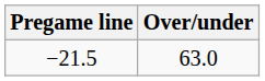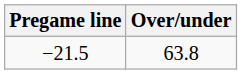 <table class="wikitable" style="margin-left: auto; margin-right: auto; border: none; display: inline-table;">
 <tr style="text-align:center">
 <th style=>Pregame line</th>
 <th style=>Over/under</th>
 </tr>
 <tr style="text-align:center">
 <td>−21.5</td>
-<td>63.0</td>
+<td>63.8</td>
 </tr>
 </table>
